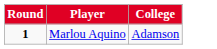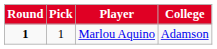 <table class="wikitable sortable sortable">
 <tr>
 <th style="background:#E00024; color:#FFFFFF; ">Round</th>
+<th style="background:#E00024; color:#FFFFFF; ">Pick</th>
 <th style="background:#E00024; color:#FFFFFF; ">Player</th>
 <th style="background:#E00024; color:#FFFFFF; ">College</th>
 </tr>
 <tr style="text-align: center">
 <td align="center"><strong>1</strong></td>
+<td align="center">1</td>
 <td><a href='#'>Marlou Aquino</a></td>
 <td><a href='#'>Adamson</a></td>
 </tr>
 </table>
